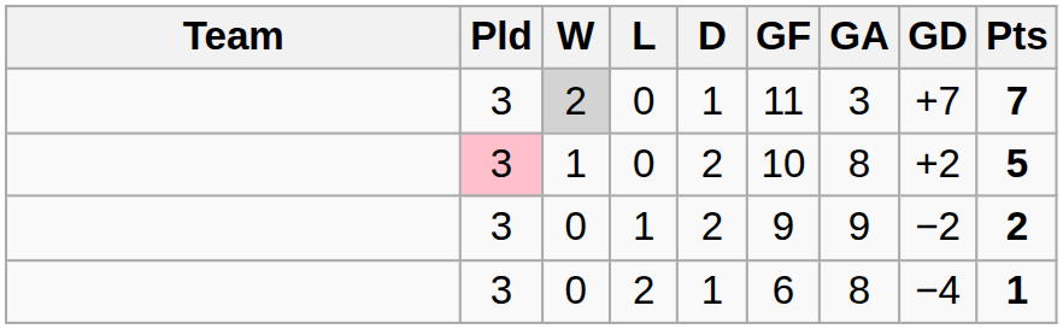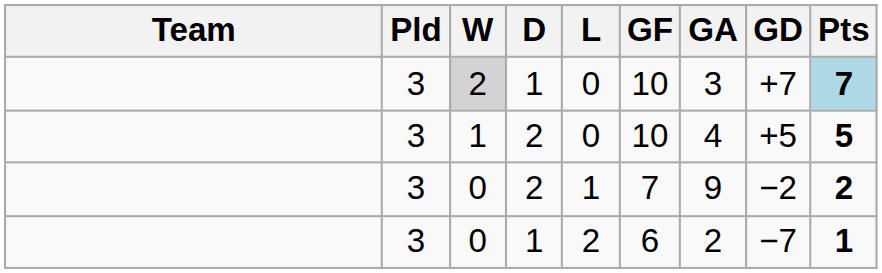 <table class="wikitable" style="text-align:center">
 <tr>
 <th width=175>Team</th>
 <th width=20>Pld</th>
 <th width=20>W</th>
+<th width=20>D</th>
 <th width=20>L</th>
-<th width=20>D</th>
 <th width=20>GF</th>
 <th width=20>GA</th>
 <th width=20>GD</th>
 <th width=20>Pts</th>
 </tr>
 <tr>
 <td align=left></td>
 <td>3</td>
 <td style="background: lightgrey;">2</td>
+<td>1</td>
 <td>0</td>
-<td>1</td>
-<td>11</td>
+<td>10</td>
 <td>3</td>
 <td>+7</td>
-<td><strong>7</strong></td>
+<td style="background: lightblue;"><strong>7</strong></td>
 </tr>
 <tr>
 <td align=left></td>
-<td style="background: pink;">3</td>
+<td>3</td>
 <td>1</td>
+<td>2</td>
 <td>0</td>
-<td>2</td>
 <td>10</td>
-<td>8</td>
-<td>+2</td>
+<td>4</td>
+<td>+5</td>
 <td><strong>5</strong></td>
 </tr>
 <tr>
 <td align=left></td>
 <td>3</td>
 <td>0</td>
+<td>2</td>
 <td>1</td>
-<td>2</td>
-<td>9</td>
+<td>7</td>
 <td>9</td>
 <td>−2</td>
 <td><strong>2</strong></td>
 </tr>
 <tr>
 <td align=left></td>
 <td>3</td>
 <td>0</td>
+<td>1</td>
 <td>2</td>
-<td>1</td>
 <td>6</td>
-<td>8</td>
-<td>−4</td>
+<td>2</td>
+<td>−7</td>
 <td><strong>1</strong></td>
 </tr>
 </table>
